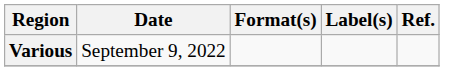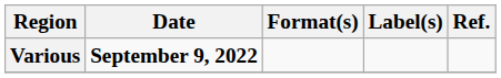 <table class="wikitable plainrowheaders">
 <tr>
 <th scope="col">Region</th>
 <th scope="col">Date</th>
 <th scope="col">Format(s)</th>
 <th scope="col">Label(s)</th>
 <th scope="col">Ref.</th>
 </tr>
 <tr>
 <th scope="row">Various</th>
-<td>September 9, 2022</td>
+<td><strong>September 9, 2022</strong></td>
 <td></td>
 <td></td>
 <td></td>
 </tr>
 <tr>
 </tr>
 </table>
